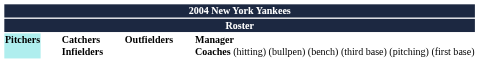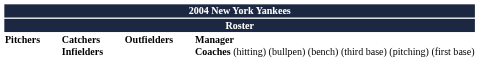 <table class="toccolours" style="font-size: 95%;">
 <tr>
 <th colspan="10" style="background-color: #1c2841; color: white; text-align: center;">2004 New York Yankees</th>
 </tr>
 <tr>
 <td colspan="10" style="background-color: #1c2841; color: white; text-align: center;"><strong>Roster</strong></td>
 </tr>
 <tr>
-<td valign="top" style="background: paleturquoise;"><strong>Pitchers</strong><br>                      </td>
+<td valign="top"><strong>Pitchers</strong><br>                      </td>
 <td width="25px"></td>
 <td valign="top"><strong>Catchers</strong><br>   <strong>Infielders</strong>           </td>
 <td width="25px"></td>
 <td valign="top"><strong>Outfielders</strong><br>     </td>
 <td width="25px"></td>
 <td valign="top"><strong>Manager</strong><br> <strong>Coaches</strong>  (hitting)  (bullpen)  (bench)  (third base) (pitching)  (first base)</td>
 </tr>
 </table>
